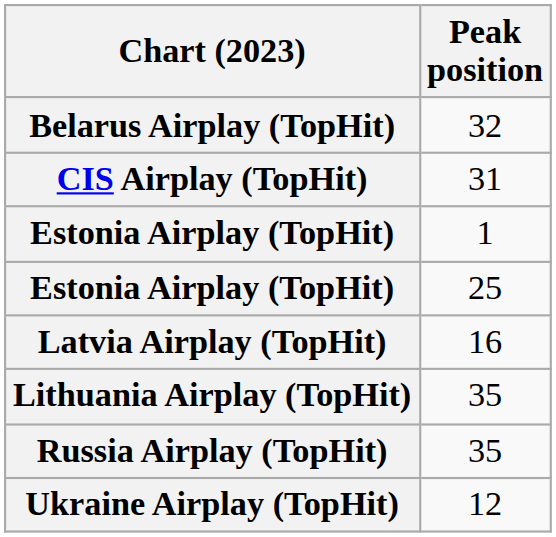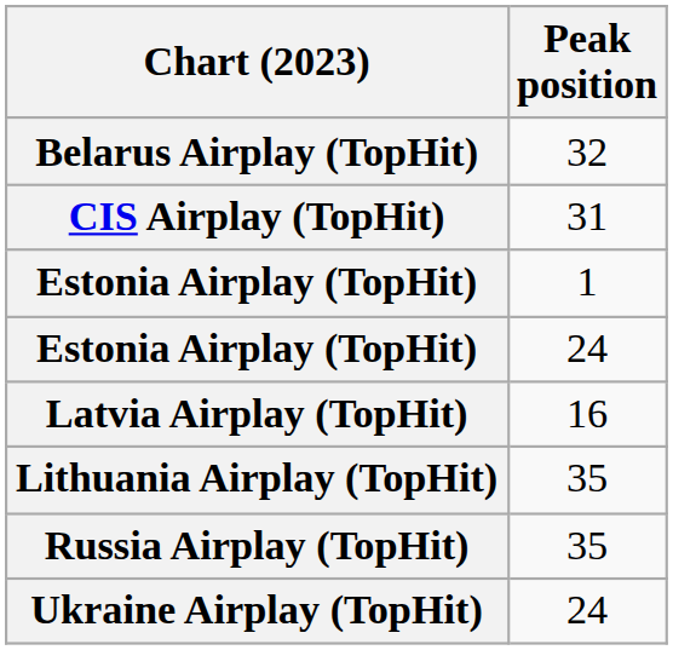 <table class="wikitable sortable plainrowheaders" style="text-align:center">
 <tr>
 <th scope="col">Chart (2023)</th>
 <th scope="col">Peak<br>position</th>
 </tr>
 <tr>
 <th scope="row">Belarus Airplay (TopHit)</th>
 <td>32</td>
 </tr>
 <tr>
 <th scope="row"><a href='#'>CIS</a> Airplay (TopHit)</th>
 <td>31</td>
 </tr>
 <tr>
 <th scope="row">Estonia Airplay (TopHit)</th>
 <td>1</td>
 </tr>
 <tr>
 <th scope="row">Estonia Airplay (TopHit)<br></th>
-<td>25</td>
+<td>24</td>
 </tr>
 <tr>
 <th scope="row">Latvia Airplay (TopHit)</th>
 <td>16</td>
 </tr>
 <tr>
 <th scope="row">Lithuania Airplay (TopHit)</th>
 <td>35</td>
 </tr>
 <tr>
 <th scope="row">Russia Airplay (TopHit)</th>
 <td>35</td>
 </tr>
 <tr>
 <th scope="row">Ukraine Airplay (TopHit)</th>
-<td>12</td>
+<td>24</td>
 </tr>
 </table>
